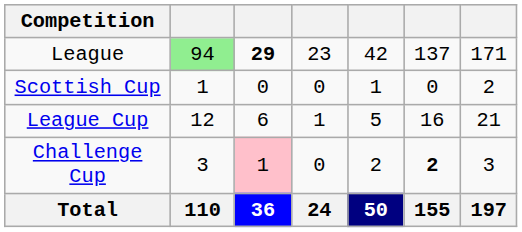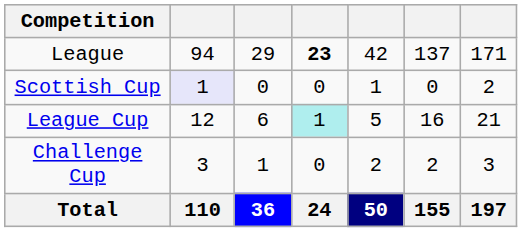 <table class="wikitable" style="text-align:center">
 <tr>
 <th width=100>Competition</th>
 <th width=35></th>
 <th width=30></th>
 <th width=30></th>
 <th width=30></th>
 <th width=30></th>
 <th width=30></th>
 </tr>
 <tr>
 <td>League</td>
-<td style="background: lightgreen;">94</td>
-<td><strong>29</strong></td>
-<td>23</td>
+<td>94</td>
+<td>29</td>
+<td><strong>23</strong></td>
 <td>42</td>
 <td>137</td>
 <td>171</td>
 </tr>
 <tr>
 <td><a href='#'>Scottish Cup</a></td>
-<td>1</td>
+<td style="background: lavender;">1</td>
 <td>0</td>
 <td>0</td>
 <td>1</td>
 <td>0</td>
 <td>2</td>
 </tr>
 <tr>
 <td><a href='#'>League Cup</a></td>
 <td>12</td>
 <td>6</td>
-<td>1</td>
+<td style="background: paleturquoise;">1</td>
 <td>5</td>
 <td>16</td>
 <td>21</td>
 </tr>
 <tr>
 <td><a href='#'>Challenge Cup</a></td>
 <td>3</td>
-<td style="background: pink;">1</td>
+<td>1</td>
 <td>0</td>
 <td>2</td>
-<td><strong>2</strong></td>
+<td>2</td>
 <td>3</td>
 </tr>
 <tr>
 <th>Total</th>
 <th>110</th>
 <th style="text-align:center; color:white; background:blue;">36</th>
 <th>24</th>
 <th style="text-align:center; color:white; background:#000080;">50</th>
 <th>155</th>
 <th>197</th>
 </tr>
 </table>
